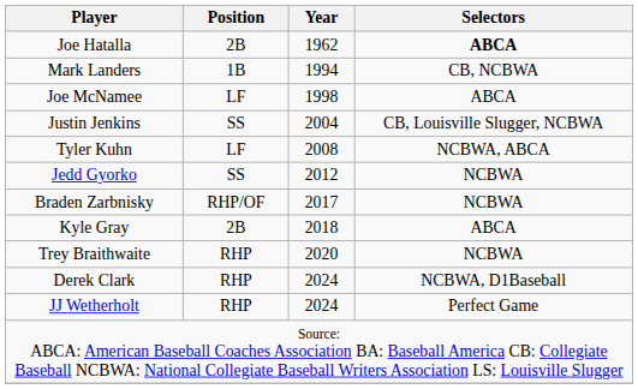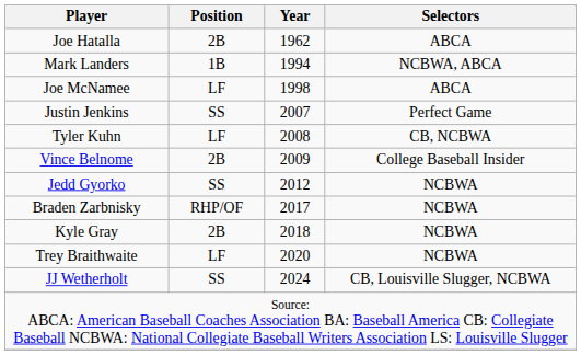 <table class="wikitable">
 <tr>
 <th>Player</th>
 <th>Position</th>
 <th>Year</th>
 <th>Selectors</th>
 </tr>
 <tr style="text-align:center;">
 <td>Joe Hatalla</td>
 <td>2B</td>
 <td>1962</td>
-<td><strong>ABCA</strong></td>
+<td>ABCA</td>
 </tr>
 <tr style="text-align:center;">
 <td>Mark Landers</td>
 <td>1B</td>
 <td>1994</td>
-<td>CB, NCBWA</td>
+<td>NCBWA, ABCA</td>
 </tr>
 <tr style="text-align:center;">
 <td>Joe McNamee</td>
 <td>LF</td>
 <td>1998</td>
 <td>ABCA</td>
 </tr>
 <tr style="text-align:center;">
 <td>Justin Jenkins</td>
 <td>SS</td>
-<td>2004</td>
-<td>CB, Louisville Slugger, NCBWA</td>
+<td>2007</td>
+<td>Perfect Game</td>
 </tr>
 <tr style="text-align:center;">
 <td>Tyler Kuhn</td>
 <td>LF</td>
 <td>2008</td>
-<td>NCBWA, ABCA</td>
+<td>CB, NCBWA</td>
+</tr>
+<tr style="text-align:center;">
+<td><a href='#'>Vince Belnome</a></td>
+<td>2B</td>
+<td>2009</td>
+<td>College Baseball Insider</td>
 </tr>
 <tr style="text-align:center;">
 <td><a href='#'>Jedd Gyorko</a></td>
 <td>SS</td>
 <td>2012</td>
 <td>NCBWA</td>
 </tr>
 <tr style="text-align:center;">
 <td>Braden Zarbnisky</td>
 <td>RHP/OF</td>
 <td>2017</td>
 <td>NCBWA</td>
 </tr>
 <tr style="text-align:center;">
 <td>Kyle Gray</td>
 <td>2B</td>
 <td>2018</td>
-<td>ABCA</td>
+<td>NCBWA</td>
 </tr>
 <tr style="text-align:center;">
 <td>Trey Braithwaite</td>
-<td>RHP</td>
+<td>LF</td>
 <td>2020</td>
 <td>NCBWA</td>
 </tr>
 <tr style="text-align:center;">
-<td>Derek Clark</td>
-<td>RHP</td>
+<td><a href='#'>JJ Wetherholt</a></td>
+<td>SS</td>
 <td>2024</td>
-<td>NCBWA, D1Baseball</td>
-</tr>
-<tr style="text-align:center;">
-<td><a href='#'>JJ Wetherholt</a></td>
-<td>RHP</td>
-<td>2024</td>
-<td>Perfect Game</td>
+<td>CB, Louisville Slugger, NCBWA</td>
 </tr>
 <tr style="text-align:center;">
 <td colspan=4><small>Source:</small><br>ABCA: <a href='#'>American Baseball Coaches Association</a> BA: <a href='#'>Baseball America</a> CB: <a href='#'>Collegiate Baseball</a> NCBWA: <a href='#'>National Collegiate Baseball Writers Association</a> LS: <a href='#'>Louisville Slugger</a></td>
 </tr>
 <tr>
 </tr>
 </table>
